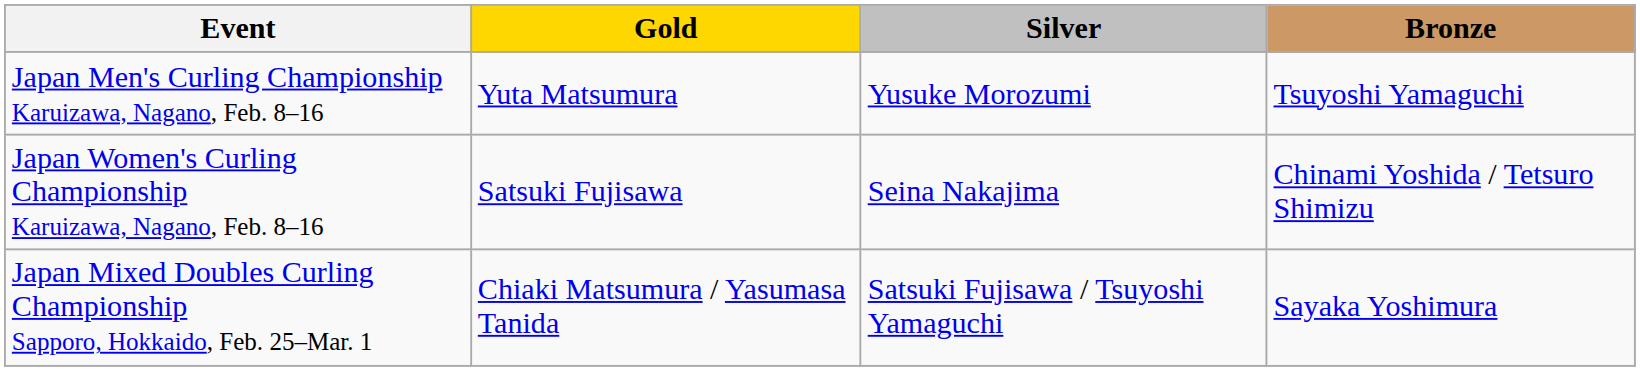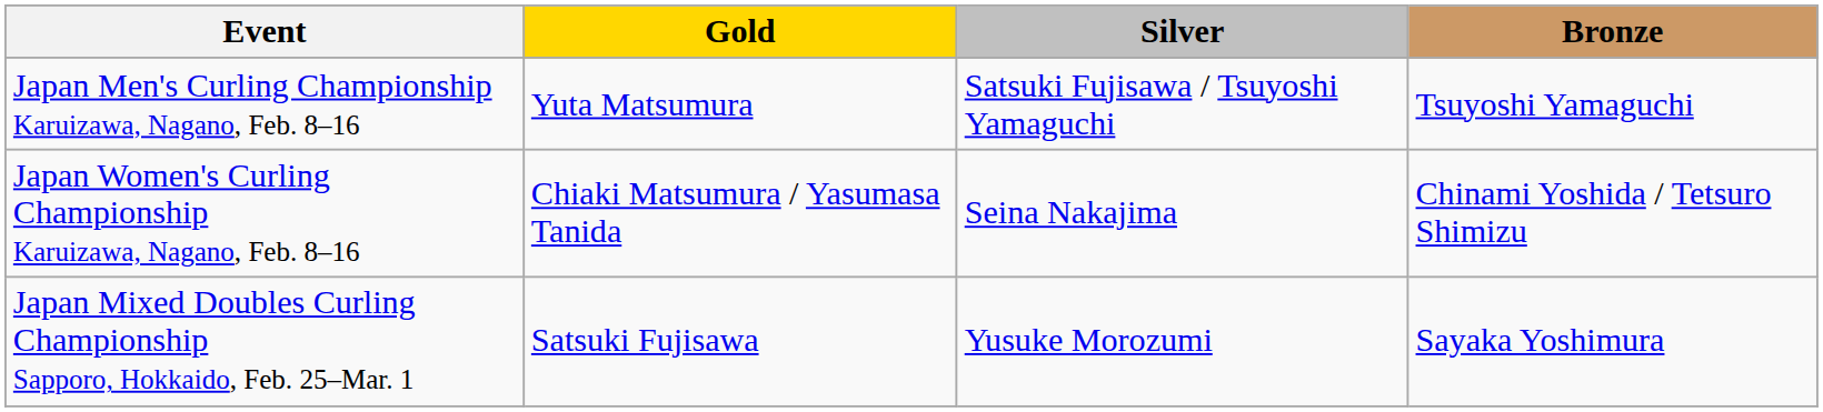 <table class="wikitable">
 <tr>
 <th>Event</th>
 <th style="background:gold">Gold</th>
 <th style="background:silver">Silver</th>
 <th style="background:#cc9966">Bronze</th>
 </tr>
 <tr>
 <td><a href='#'>Japan Men's Curling Championship</a> <br> <small><a href='#'>Karuizawa, Nagano</a>, Feb. 8–16</small></td>
 <td> <a href='#'>Yuta Matsumura</a></td>
-<td> <a href='#'>Yusuke Morozumi</a></td>
+<td> <a href='#'>Satsuki Fujisawa</a> /  <a href='#'>Tsuyoshi Yamaguchi</a></td>
 <td> <a href='#'>Tsuyoshi Yamaguchi</a></td>
 </tr>
 <tr>
 <td><a href='#'>Japan Women's Curling Championship</a> <br> <small><a href='#'>Karuizawa, Nagano</a>, Feb. 8–16</small></td>
-<td> <a href='#'>Satsuki Fujisawa</a></td>
+<td> <a href='#'>Chiaki Matsumura</a> /  <a href='#'>Yasumasa Tanida</a></td>
 <td> <a href='#'>Seina Nakajima</a></td>
 <td> <a href='#'>Chinami Yoshida</a> / <a href='#'>Tetsuro Shimizu</a></td>
 </tr>
 <tr>
 <td><a href='#'>Japan Mixed Doubles Curling Championship</a> <br> <small><a href='#'>Sapporo, Hokkaido</a>, Feb. 25–Mar. 1</small></td>
-<td> <a href='#'>Chiaki Matsumura</a> /  <a href='#'>Yasumasa Tanida</a></td>
-<td> <a href='#'>Satsuki Fujisawa</a> /  <a href='#'>Tsuyoshi Yamaguchi</a></td>
+<td> <a href='#'>Satsuki Fujisawa</a></td>
+<td> <a href='#'>Yusuke Morozumi</a></td>
 <td> <a href='#'>Sayaka Yoshimura</a></td>
 </tr>
 </table>
